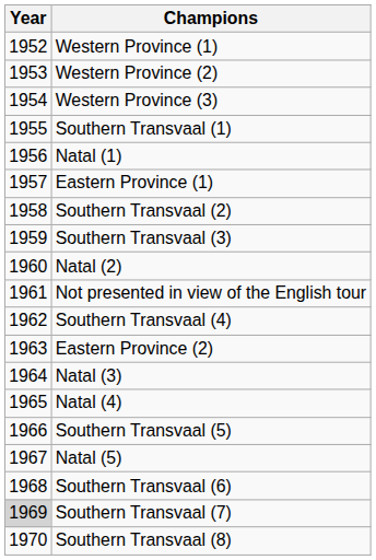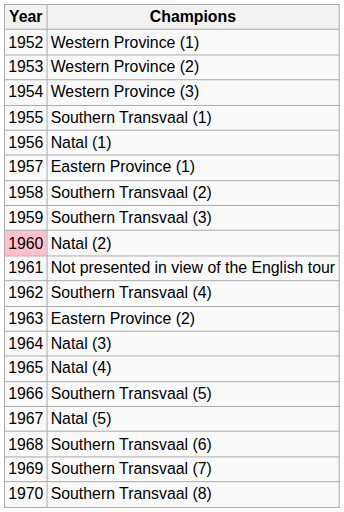 <table class=wikitable>
 <tr>
 <th>Year</th>
 <th>Champions</th>
 </tr>
 <tr>
 <td>1952</td>
 <td>Western Province (1)</td>
 </tr>
 <tr>
 <td>1953</td>
 <td>Western Province (2)</td>
 </tr>
 <tr>
 <td>1954</td>
 <td>Western Province (3)</td>
 </tr>
 <tr>
 <td>1955</td>
 <td>Southern Transvaal (1)</td>
 </tr>
 <tr>
 <td>1956</td>
 <td>Natal (1)</td>
 </tr>
 <tr>
 <td>1957</td>
 <td>Eastern Province (1)</td>
 </tr>
 <tr>
 <td>1958</td>
 <td>Southern Transvaal (2)</td>
 </tr>
 <tr>
 <td>1959</td>
 <td>Southern Transvaal (3)</td>
 </tr>
 <tr>
-<td>1960</td>
+<td style="background: pink;">1960</td>
 <td>Natal (2)</td>
 </tr>
 <tr>
 <td>1961</td>
 <td>Not presented in view of the English tour</td>
 </tr>
 <tr>
 <td>1962</td>
 <td>Southern Transvaal (4)</td>
 </tr>
 <tr>
 <td>1963</td>
 <td>Eastern Province (2)</td>
 </tr>
 <tr>
 <td>1964</td>
 <td>Natal (3)</td>
 </tr>
 <tr>
 <td>1965</td>
 <td>Natal (4)</td>
 </tr>
 <tr>
 <td>1966</td>
 <td>Southern Transvaal (5)</td>
 </tr>
 <tr>
 <td>1967</td>
 <td>Natal (5)</td>
 </tr>
 <tr>
 <td>1968</td>
 <td>Southern Transvaal (6)</td>
 </tr>
 <tr>
-<td style="background: lightgrey;">1969</td>
+<td>1969</td>
 <td>Southern Transvaal (7)</td>
 </tr>
 <tr>
 <td>1970</td>
 <td>Southern Transvaal (8)</td>
 </tr>
 </table>
